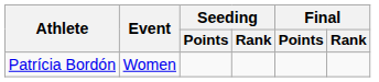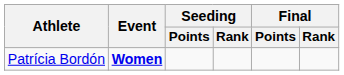 <table class=wikitable style=font-size:90%;text-align:center>
 <tr>
 <th rowspan=2>Athlete</th>
 <th rowspan=2>Event</th>
 <th colspan=2>Seeding</th>
 <th colspan=2>Final</th>
 </tr>
 <tr style=font-size:95%>
 <th>Points</th>
 <th>Rank</th>
 <th>Points</th>
 <th>Rank</th>
 </tr>
 <tr>
 <td><a href='#'>Patrícia Bordón</a></td>
-<td align=center><a href='#'>Women</a></td>
+<td align=center><strong><a href='#'>Women</a></strong></td>
 <td></td>
 <td></td>
 <td></td>
 <td></td>
 </tr>
 </table>
